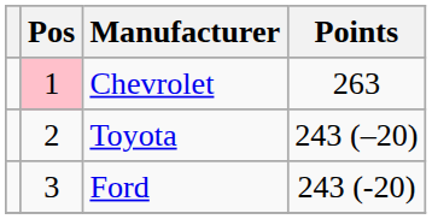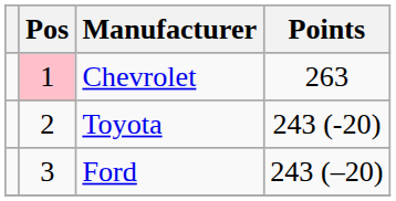 <table class="wikitable" style="font-size: 95%;">
 <tr>
 <th></th>
 <th>Pos</th>
 <th>Manufacturer</th>
 <th>Points</th>
 </tr>
 <tr>
 <td align="left"></td>
 <td style="background: pink; text-align:center;">1</td>
 <td><a href='#'>Chevrolet</a></td>
 <td style="text-align:center;">263</td>
 </tr>
 <tr>
 <td align="left"></td>
 <td style="text-align:center;">2</td>
 <td><a href='#'>Toyota</a></td>
-<td style="text-align:center;">243 (–20)</td>
+<td style="text-align:center;">243 (-20)</td>
 </tr>
 <tr>
 <td align="left"></td>
 <td style="text-align:center;">3</td>
 <td><a href='#'>Ford</a></td>
-<td style="text-align:center;">243 (-20)</td>
+<td style="text-align:center;">243 (–20)</td>
 </tr>
 <tr class="sortbottom">
 </tr>
 </table>
